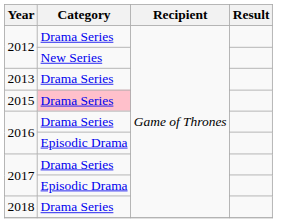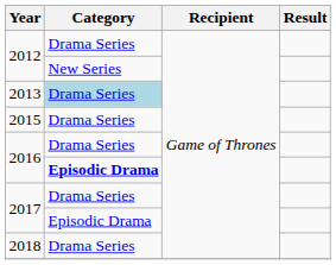 <table class="wikitable">
 <tr>
 <th>Year</th>
 <th>Category</th>
 <th>Recipient</th>
 <th>Result</th>
 </tr>
 <tr>
 <td rowspan=2>2012</td>
 <td><a href='#'>Drama Series</a></td>
 <td rowspan=9><em>Game of Thrones</em></td>
 <td></td>
 </tr>
 <tr>
 <td><a href='#'>New Series</a></td>
 <td></td>
 </tr>
 <tr>
 <td>2013</td>
-<td><a href='#'>Drama Series</a></td>
+<td style="background: lightblue;"><a href='#'>Drama Series</a></td>
 <td></td>
 </tr>
 <tr>
 <td>2015</td>
-<td style="background: pink;"><a href='#'>Drama Series</a></td>
+<td><a href='#'>Drama Series</a></td>
 <td></td>
 </tr>
 <tr>
 <td rowspan=2>2016</td>
 <td><a href='#'>Drama Series</a></td>
 <td></td>
 </tr>
 <tr>
-<td><a href='#'>Episodic Drama</a></td>
+<td><strong><a href='#'>Episodic Drama</a></strong></td>
 <td></td>
 </tr>
 <tr>
 <td rowspan="2">2017</td>
 <td><a href='#'>Drama Series</a></td>
 <td></td>
 </tr>
 <tr>
 <td><a href='#'>Episodic Drama</a></td>
 <td></td>
 </tr>
 <tr>
 <td>2018</td>
 <td><a href='#'>Drama Series</a></td>
 <td></td>
 </tr>
 <tr>
 </tr>
 </table>
